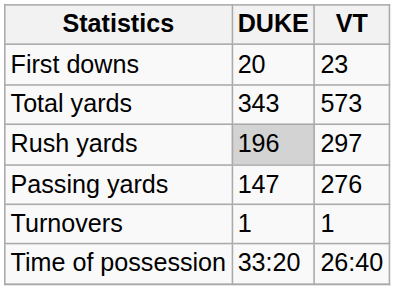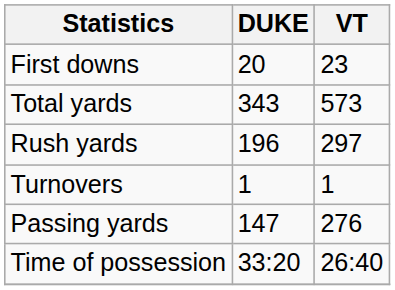 <table class="wikitable" style="float: left;">
 <tr>
 <th>Statistics</th>
 <th>DUKE</th>
 <th>VT</th>
 </tr>
 <tr>
 <td>First downs</td>
 <td>20</td>
 <td>23</td>
 </tr>
 <tr>
 <td>Total yards</td>
 <td>343</td>
 <td>573</td>
 </tr>
 <tr>
 <td>Rush yards</td>
-<td style="background: lightgrey;">196</td>
+<td>196</td>
 <td>297</td>
+</tr>
+<tr>
+<td>Turnovers</td>
+<td>1</td>
+<td>1</td>
 </tr>
 <tr>
 <td>Passing yards</td>
 <td>147</td>
 <td>276</td>
-</tr>
-<tr>
-<td>Turnovers</td>
-<td>1</td>
-<td>1</td>
 </tr>
 <tr>
 <td>Time of possession</td>
 <td>33:20</td>
 <td>26:40</td>
 </tr>
 <tr>
 </tr>
 </table>
